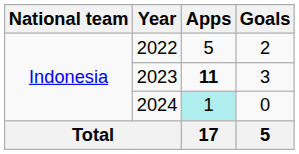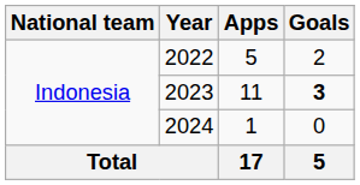 <table class="wikitable" style="text-align:center">
 <tr>
 <th>National team</th>
 <th>Year</th>
 <th>Apps</th>
 <th>Goals</th>
 </tr>
 <tr>
 <td rowspan="3"><a href='#'>Indonesia</a></td>
 <td>2022</td>
 <td>5</td>
 <td>2</td>
 </tr>
 <tr>
 <td>2023</td>
-<td><strong>11</strong></td>
-<td>3</td>
+<td>11</td>
+<td><strong>3</strong></td>
 </tr>
 <tr>
 <td>2024</td>
-<td style="background: paleturquoise;">1</td>
+<td>1</td>
 <td>0</td>
 </tr>
 <tr>
 <th colspan="2">Total</th>
 <th>17</th>
 <th>5</th>
 </tr>
 </table>
